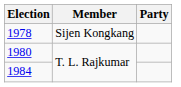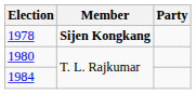 <table class="wikitable sortable">
 <tr>
 <th>Election</th>
 <th>Member</th>
 <th colspan=2>Party</th>
 </tr>
 <tr>
 <td><a href='#'>1978</a></td>
-<td>Sijen Kongkang</td>
+<td><strong>Sijen Kongkang</strong></td>
 <td></td>
 </tr>
 <tr>
 <td><a href='#'>1980</a></td>
 <td rowspan=2>T. L. Rajkumar</td>
 <td></td>
 </tr>
 <tr>
 <td><a href='#'>1984</a></td>
 <td></td>
 </tr>
 </table>
